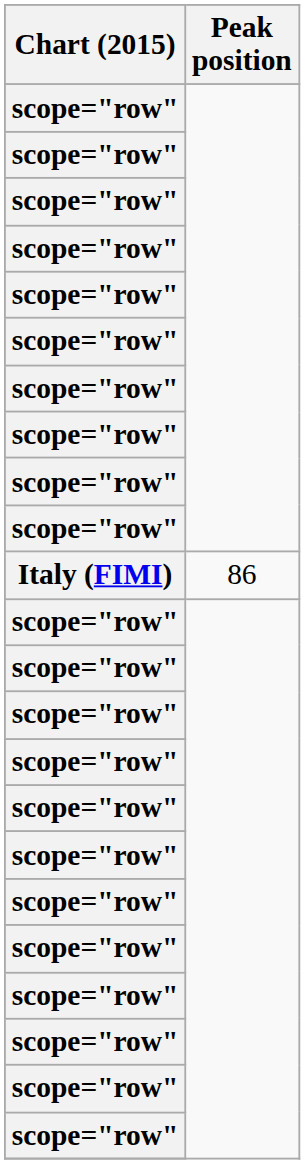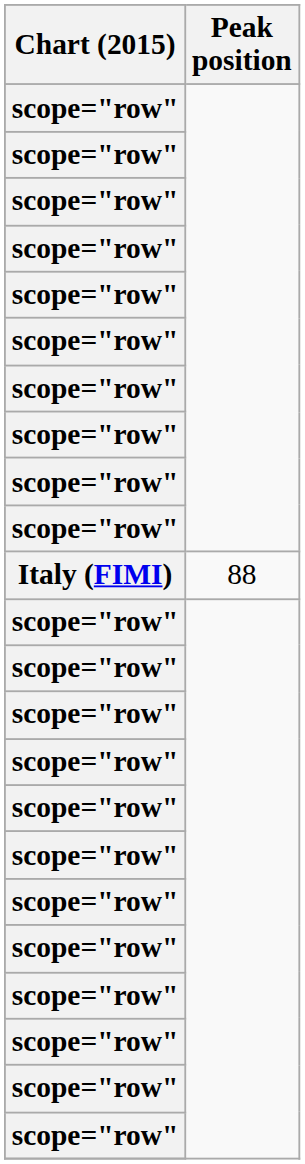 <table class="wikitable sortable plainrowheaders" style="text-align:center;">
 <tr>
 <th scope="col">Chart (2015)</th>
 <th scope="col">Peak<br>position</th>
 </tr>
 <tr>
 <th>scope="row"</th>
 </tr>
 <tr>
 <th>scope="row"</th>
 </tr>
 <tr>
 <th>scope="row"</th>
 </tr>
 <tr>
 <th>scope="row"</th>
 </tr>
 <tr>
 <th>scope="row"</th>
 </tr>
 <tr>
 <th>scope="row"</th>
 </tr>
 <tr>
 <th>scope="row"</th>
 </tr>
 <tr>
 <th>scope="row"</th>
 </tr>
 <tr>
 <th>scope="row"</th>
 </tr>
 <tr>
 <th>scope="row"</th>
 </tr>
 <tr>
 <th scope="row">Italy (<a href='#'>FIMI</a>)</th>
-<td align="center">86</td>
+<td align="center">88</td>
 </tr>
 <tr>
 <th>scope="row"</th>
 </tr>
 <tr>
 <th>scope="row"</th>
 </tr>
 <tr>
 <th>scope="row"</th>
 </tr>
 <tr>
 <th>scope="row"</th>
 </tr>
 <tr>
 <th>scope="row"</th>
 </tr>
 <tr>
 <th>scope="row"</th>
 </tr>
 <tr>
 <th>scope="row"</th>
 </tr>
 <tr>
 <th>scope="row"</th>
 </tr>
 <tr>
 <th>scope="row"</th>
 </tr>
 <tr>
 <th>scope="row"</th>
 </tr>
 <tr>
 <th>scope="row"</th>
 </tr>
 <tr>
 <th>scope="row"</th>
 </tr>
 <tr>
 </tr>
 </table>
